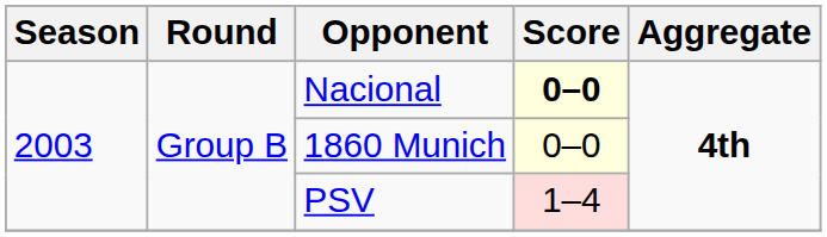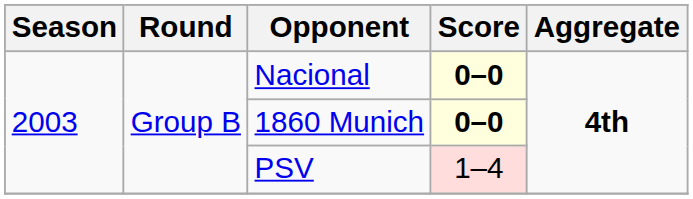 <table class="wikitable">
 <tr>
 <th>Season</th>
 <th>Round</th>
 <th>Opponent</th>
 <th>Score</th>
 <th>Aggregate</th>
 </tr>
 <tr>
 <td rowspan="3"><a href='#'>2003</a></td>
 <td rowspan="3"><a href='#'>Group B</a></td>
 <td> <a href='#'>Nacional</a></td>
 <td bgcolor="#ffffdd" style="text-align:center;"><strong>0–0</strong></td>
 <td style="text-align:center;" rowspan="3"><strong>4th</strong></td>
 </tr>
 <tr>
 <td> <a href='#'>1860 Munich</a></td>
-<td bgcolor="#ffffdd" style="text-align:center;">0–0</td>
+<td bgcolor="#ffffdd" style="text-align:center;"><strong>0–0</strong></td>
 </tr>
 <tr>
 <td> <a href='#'>PSV</a></td>
 <td bgcolor="#ffdddd" style="text-align:center;">1–4</td>
 </tr>
 <tr>
 </tr>
 </table>
